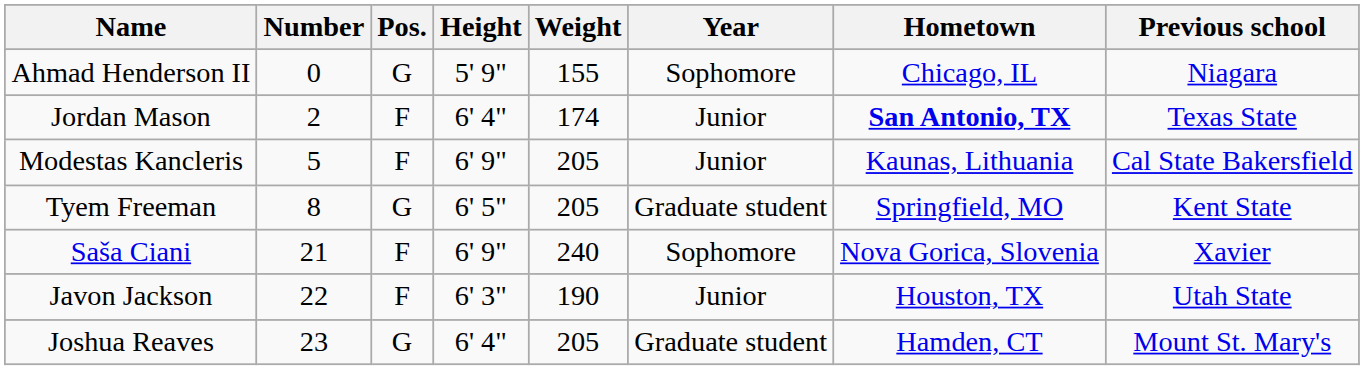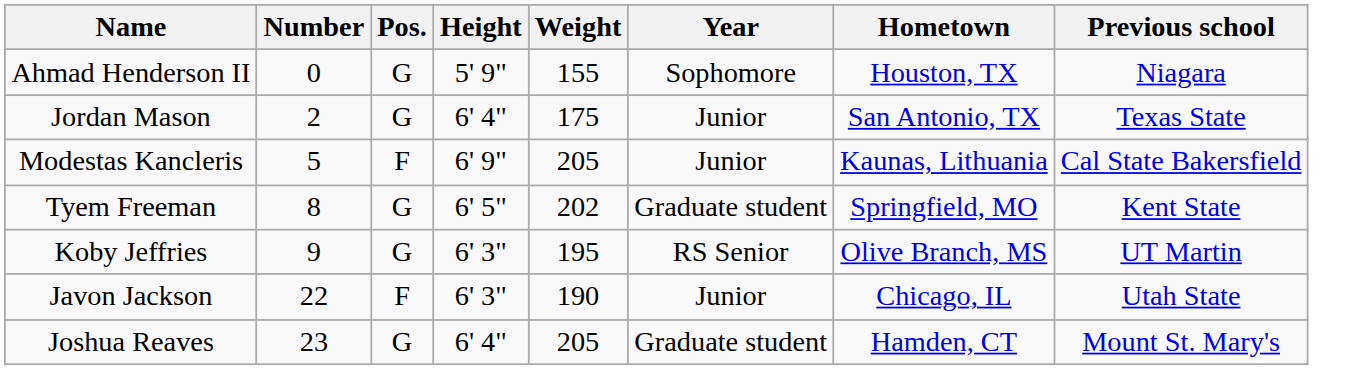 <table class="wikitable sortable" style="text-align:center">
 <tr align=center>
 <th>Name</th>
 <th>Number</th>
 <th>Pos.</th>
 <th>Height</th>
 <th>Weight</th>
 <th>Year</th>
 <th>Hometown</th>
 <th class="unsortable">Previous school</th>
 </tr>
 <tr>
 <td>Ahmad Henderson II</td>
 <td>0</td>
 <td>G</td>
 <td>5' 9"</td>
 <td>155</td>
 <td>Sophomore</td>
-<td><a href='#'>Chicago, IL</a></td>
+<td><a href='#'>Houston, TX</a></td>
 <td><a href='#'>Niagara</a></td>
 </tr>
 <tr>
 <td>Jordan Mason</td>
 <td>2</td>
-<td>F</td>
+<td>G</td>
 <td>6' 4"</td>
-<td>174</td>
+<td>175</td>
 <td>Junior</td>
-<td><strong><a href='#'>San Antonio, TX</a></strong></td>
+<td><a href='#'>San Antonio, TX</a></td>
 <td><a href='#'>Texas State</a></td>
 </tr>
 <tr>
 <td>Modestas Kancleris</td>
 <td>5</td>
 <td>F</td>
 <td>6' 9"</td>
 <td>205</td>
 <td>Junior</td>
 <td><a href='#'>Kaunas, Lithuania</a></td>
 <td><a href='#'>Cal State Bakersfield</a></td>
 </tr>
 <tr>
 <td>Tyem Freeman</td>
 <td>8</td>
 <td>G</td>
 <td>6' 5"</td>
-<td>205</td>
+<td>202</td>
 <td>Graduate student</td>
 <td><a href='#'>Springfield, MO</a></td>
 <td><a href='#'>Kent State</a></td>
 </tr>
 <tr>
-<td><a href='#'>Saša Ciani</a></td>
-<td>21</td>
-<td>F</td>
-<td>6' 9"</td>
-<td>240</td>
-<td>Sophomore</td>
-<td><a href='#'>Nova Gorica, Slovenia</a></td>
-<td><a href='#'>Xavier</a></td>
+<td>Koby Jeffries</td>
+<td>9</td>
+<td>G</td>
+<td>6' 3"</td>
+<td>195</td>
+<td>RS Senior</td>
+<td><a href='#'>Olive Branch, MS</a></td>
+<td><a href='#'>UT Martin</a></td>
 </tr>
 <tr>
 <td>Javon Jackson</td>
 <td>22</td>
 <td>F</td>
 <td>6' 3"</td>
 <td>190</td>
 <td>Junior</td>
-<td><a href='#'>Houston, TX</a></td>
+<td><a href='#'>Chicago, IL</a></td>
 <td><a href='#'>Utah State</a></td>
 </tr>
 <tr>
 <td>Joshua Reaves</td>
 <td>23</td>
 <td>G</td>
 <td>6' 4"</td>
 <td>205</td>
 <td>Graduate student</td>
 <td><a href='#'>Hamden, CT</a></td>
 <td><a href='#'>Mount St. Mary's</a></td>
 </tr>
 </table>
